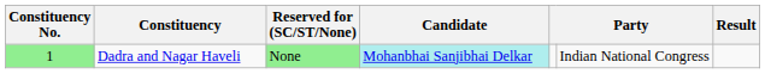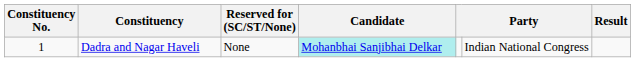 <table class= "wikitable sortable">
 <tr>
 <th>Constituency <br> No.</th>
 <th style="width:180px;">Constituency</th>
 <th>Reserved for<br>(SC/ST/None)</th>
 <th style="width:200px;">Candidate</th>
 <th colspan="2">Party</th>
 <th>Result</th>
 </tr>
 <tr>
-<td align="center" style="background: lightgreen;">1</td>
+<td align="center">1</td>
 <td><a href='#'>Dadra and Nagar Haveli</a></td>
-<td style="background: lightgreen;">None</td>
+<td>None</td>
 <td style="background: paleturquoise;"><a href='#'>Mohanbhai Sanjibhai Delkar</a></td>
 <td bgcolor=></td>
 <td>Indian National Congress</td>
 <td></td>
 </tr>
 </table>
